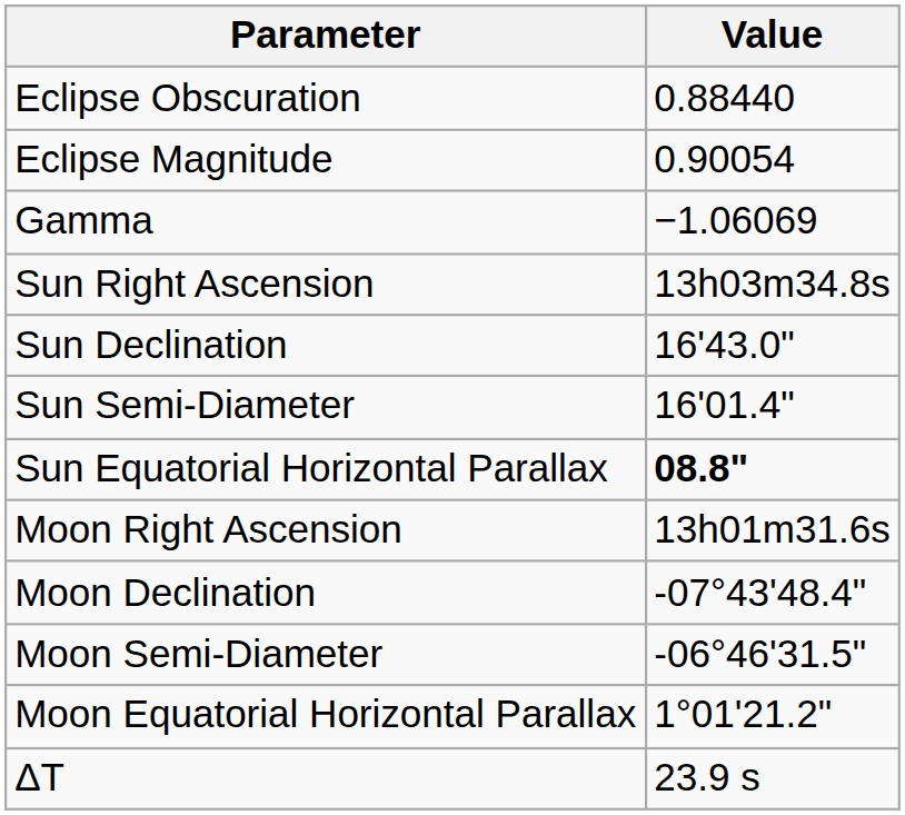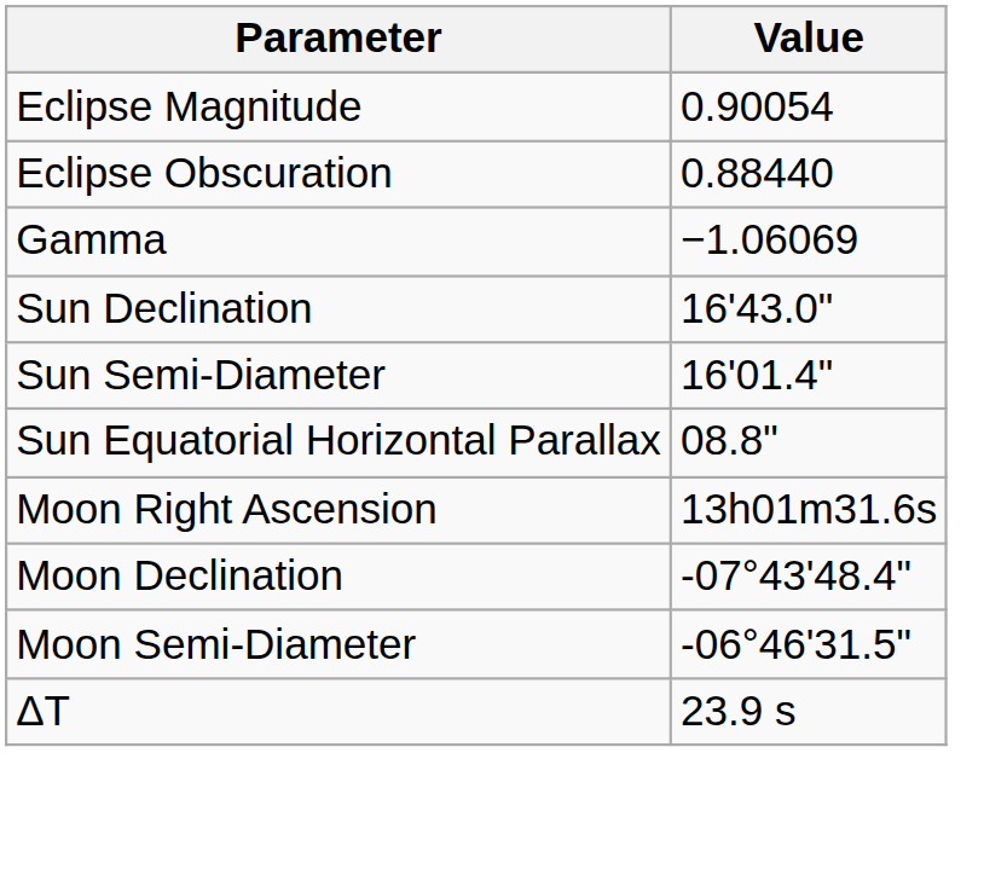 <table class="wikitable">
 <tr>
 <th>Parameter</th>
 <th>Value</th>
 </tr>
 <tr>
+<td>Eclipse Magnitude</td>
+<td>0.90054</td>
+</tr>
+<tr>
 <td>Eclipse Obscuration</td>
 <td>0.88440</td>
 </tr>
 <tr>
-<td>Eclipse Magnitude</td>
-<td>0.90054</td>
-</tr>
-<tr>
 <td>Gamma</td>
 <td>−1.06069</td>
-</tr>
-<tr>
-<td>Sun Right Ascension</td>
-<td>13h03m34.8s</td>
 </tr>
 <tr>
 <td>Sun Declination</td>
 <td>16'43.0"</td>
 </tr>
 <tr>
 <td>Sun Semi-Diameter</td>
 <td>16'01.4"</td>
 </tr>
 <tr>
 <td>Sun Equatorial Horizontal Parallax</td>
-<td><strong>08.8"</strong></td>
+<td>08.8"</td>
 </tr>
 <tr>
 <td>Moon Right Ascension</td>
 <td>13h01m31.6s</td>
 </tr>
 <tr>
 <td>Moon Declination</td>
 <td>-07°43'48.4"</td>
 </tr>
 <tr>
 <td>Moon Semi-Diameter</td>
 <td>-06°46'31.5"</td>
 </tr>
 <tr>
-<td>Moon Equatorial Horizontal Parallax</td>
-<td>1°01'21.2"</td>
-</tr>
-<tr>
 <td>ΔT</td>
 <td>23.9 s</td>
 </tr>
 </table>
